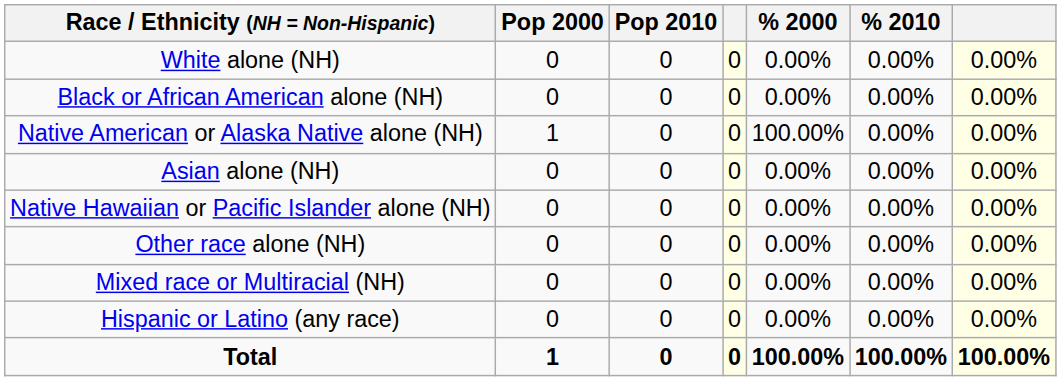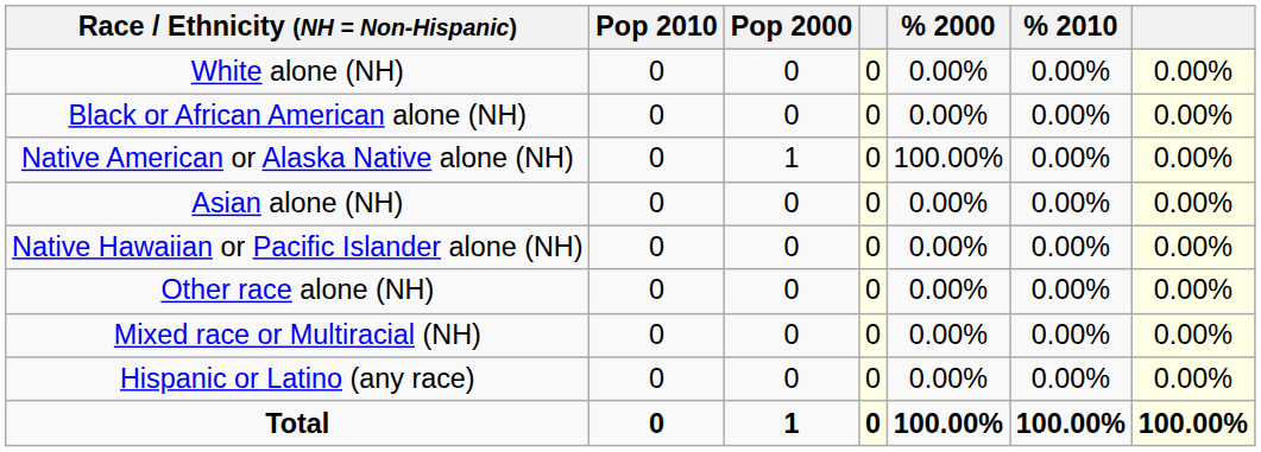 <table class="wikitable" style="text-align:center;">
 <tr>
 <th>Race / Ethnicity <small>(<em>NH = Non-Hispanic</em>)</small></th>
+<th>Pop 2010</th>
 <th>Pop 2000</th>
-<th>Pop 2010</th>
 <th></th>
 <th>% 2000</th>
 <th>% 2010</th>
 <th></th>
 </tr>
 <tr>
 <td><a href='#'>White</a> alone (NH)</td>
 <td>0</td>
 <td>0</td>
 <td style='background: #ffffe6;'>0</td>
 <td>0.00%</td>
 <td>0.00%</td>
 <td style='background: #ffffe6;'>0.00%</td>
 </tr>
 <tr>
 <td><a href='#'>Black or African American</a> alone (NH)</td>
 <td>0</td>
 <td>0</td>
 <td style='background: #ffffe6;'>0</td>
 <td>0.00%</td>
 <td>0.00%</td>
 <td style='background: #ffffe6;'>0.00%</td>
 </tr>
 <tr>
 <td><a href='#'>Native American</a> or <a href='#'>Alaska Native</a> alone (NH)</td>
+<td>0</td>
 <td>1</td>
-<td>0</td>
 <td style='background: #ffffe6;'>0</td>
 <td>100.00%</td>
 <td>0.00%</td>
 <td style='background: #ffffe6;'>0.00%</td>
 </tr>
 <tr>
 <td><a href='#'>Asian</a> alone (NH)</td>
 <td>0</td>
 <td>0</td>
 <td style='background: #ffffe6;'>0</td>
 <td>0.00%</td>
 <td>0.00%</td>
 <td style='background: #ffffe6;'>0.00%</td>
 </tr>
 <tr>
 <td><a href='#'>Native Hawaiian</a> or <a href='#'>Pacific Islander</a> alone (NH)</td>
 <td>0</td>
 <td>0</td>
 <td style='background: #ffffe6;'>0</td>
 <td>0.00%</td>
 <td>0.00%</td>
 <td style='background: #ffffe6;'>0.00%</td>
 </tr>
 <tr>
 <td><a href='#'>Other race</a> alone (NH)</td>
 <td>0</td>
 <td>0</td>
 <td style='background: #ffffe6;'>0</td>
 <td>0.00%</td>
 <td>0.00%</td>
 <td style='background: #ffffe6;'>0.00%</td>
 </tr>
 <tr>
 <td><a href='#'>Mixed race or Multiracial</a> (NH)</td>
 <td>0</td>
 <td>0</td>
 <td style='background: #ffffe6;'>0</td>
 <td>0.00%</td>
 <td>0.00%</td>
 <td style='background: #ffffe6;'>0.00%</td>
 </tr>
 <tr>
 <td><a href='#'>Hispanic or Latino</a> (any race)</td>
 <td>0</td>
 <td>0</td>
 <td style='background: #ffffe6;'>0</td>
 <td>0.00%</td>
 <td>0.00%</td>
 <td style='background: #ffffe6;'>0.00%</td>
 </tr>
 <tr>
 <td><strong>Total</strong></td>
+<td><strong>0</strong></td>
 <td><strong>1</strong></td>
-<td><strong>0</strong></td>
 <td style='background: #ffffe6;'><strong>0</strong></td>
 <td><strong>100.00%</strong></td>
 <td><strong>100.00%</strong></td>
 <td style='background: #ffffe6;'><strong>100.00%</strong></td>
 </tr>
 </table>
